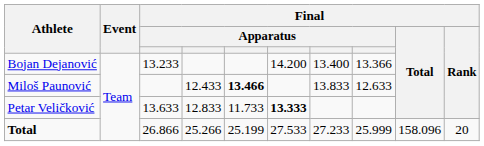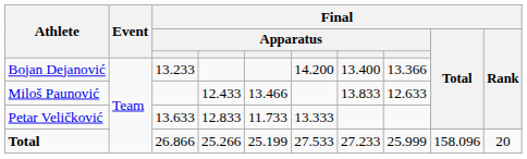 <table class="wikitable" style="font-size:90%">
 <tr>
 <th rowspan=3>Athlete</th>
 <th rowspan=3>Event</th>
 <th colspan =8>Final</th>
 </tr>
 <tr style="font-size:95%">
 <th colspan=6>Apparatus</th>
 <th rowspan=5>Total</th>
 <th rowspan=5>Rank</th>
 </tr>
 <tr style="font-size:95%">
 <th></th>
 <th></th>
 <th></th>
 <th></th>
 <th></th>
 <th></th>
 </tr>
 <tr align=center>
 <td align=left><a href='#'>Bojan Dejanović</a></td>
 <td align=left rowspan=4><a href='#'>Team</a></td>
 <td>13.233</td>
 <td></td>
 <td></td>
 <td>14.200</td>
 <td>13.400</td>
 <td>13.366</td>
 </tr>
 <tr align=center>
 <td align=left><a href='#'>Miloš Paunović</a></td>
 <td></td>
 <td>12.433</td>
-<td><strong>13.466</strong></td>
+<td>13.466</td>
 <td></td>
 <td>13.833</td>
 <td>12.633</td>
 </tr>
 <tr align=center>
 <td align=left><a href='#'>Petar Veličković</a></td>
 <td>13.633</td>
 <td>12.833</td>
 <td>11.733</td>
-<td><strong>13.333</strong></td>
+<td>13.333</td>
 <td></td>
 <td></td>
 </tr>
 <tr align=center>
 <td align=left><strong>Total</strong></td>
 <td>26.866</td>
 <td>25.266</td>
 <td>25.199</td>
 <td>27.533</td>
 <td>27.233</td>
 <td>25.999</td>
 <td>158.096</td>
 <td>20</td>
 </tr>
 </table>
